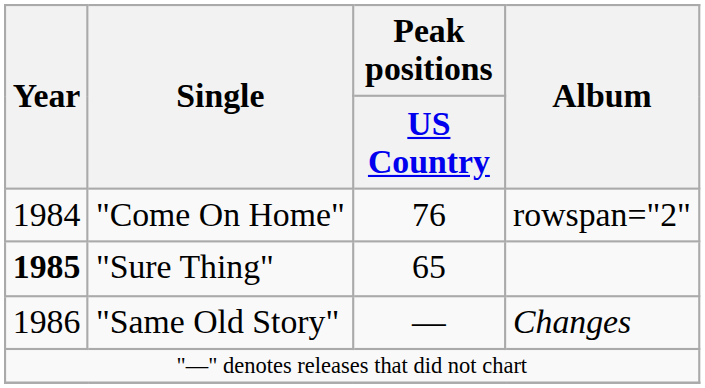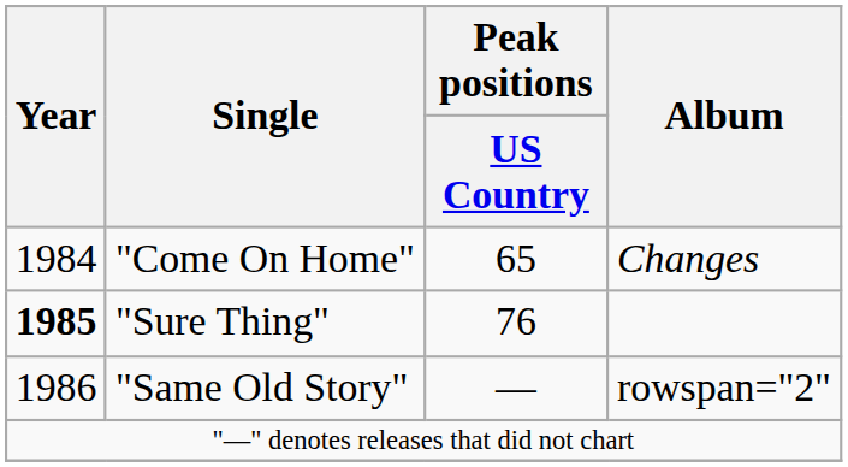 <table class="wikitable" style="text-align:center;">
 <tr>
 <th rowspan="2">Year</th>
 <th rowspan="2">Single</th>
 <th colspan="1">Peak positions</th>
 <th rowspan="2">Album</th>
 </tr>
 <tr>
 <th width="65"><a href='#'>US Country</a></th>
 </tr>
 <tr>
 <td>1984</td>
 <td align="left">"Come On Home"</td>
-<td align="center">76</td>
-<td>rowspan="2" </td>
+<td align="center">65</td>
+<td align="left"><em>Changes</em></td>
 </tr>
 <tr>
 <td><strong>1985</strong></td>
 <td align="left">"Sure Thing"</td>
-<td align="center">65</td>
+<td align="center">76</td>
 </tr>
 <tr>
 <td>1986</td>
 <td align="left">"Same Old Story"</td>
 <td align="center">—</td>
-<td align="left"><em>Changes</em></td>
+<td>rowspan="2" </td>
 </tr>
 <tr>
 <td colspan="4" style="font-size:8pt">"—" denotes releases that did not chart</td>
 </tr>
 <tr>
 </tr>
 </table>
